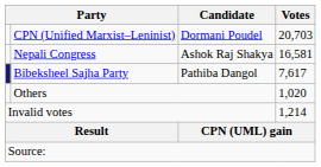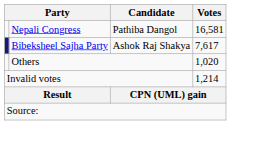 <table class="wikitable">
 <tr>
 <th colspan="2">Party</th>
 <th>Candidate</th>
 <th>Votes</th>
 </tr>
 <tr>
 <td style="background-color:"></td>
-<td><a href='#'>CPN (Unified Marxist–Leninist)</a></td>
-<td><a href='#'>Dormani Poudel</a></td>
-<td>20,703</td>
-</tr>
-<tr>
-<td style="background-color:"></td>
 <td><a href='#'>Nepali Congress</a></td>
-<td>Ashok Raj Shakya</td>
+<td>Pathiba Dangol</td>
 <td>16,581</td>
 </tr>
 <tr>
 <td style="background-color:midnightblue"></td>
 <td><a href='#'>Bibeksheel Sajha Party</a></td>
-<td>Pathiba Dangol</td>
+<td>Ashok Raj Shakya</td>
 <td>7,617</td>
 </tr>
 <tr>
 <td></td>
 <td colspan="2">Others</td>
 <td>1,020</td>
 </tr>
 <tr>
 <td colspan="3">Invalid votes</td>
 <td>1,214</td>
 </tr>
 <tr>
 <th colspan="2">Result</th>
 <th colspan="2">CPN (UML) gain</th>
 </tr>
 <tr>
 <td colspan="4">Source: </td>
 </tr>
 </table>
